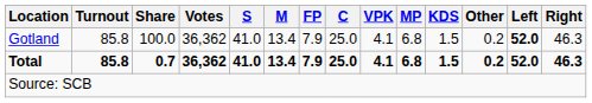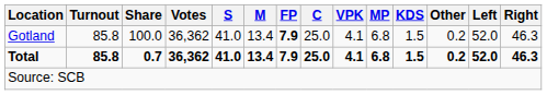 <table class="wikitable sortable" style=text-align:right>
 <tr>
 <th>Location</th>
 <th>Turnout</th>
 <th>Share</th>
 <th>Votes</th>
 <th><a href='#'>S</a></th>
 <th><a href='#'>M</a></th>
 <th><a href='#'>FP</a></th>
 <th><a href='#'>C</a></th>
 <th><a href='#'>VPK</a></th>
 <th><a href='#'>MP</a></th>
 <th><a href='#'>KDS</a></th>
 <th>Other</th>
 <th>Left</th>
 <th>Right</th>
 </tr>
 <tr>
 <td align=left><a href='#'>Gotland</a></td>
 <td>85.8</td>
 <td>100.0</td>
 <td>36,362</td>
 <td>41.0</td>
 <td>13.4</td>
-<td>7.9</td>
+<td><strong>7.9</strong></td>
 <td>25.0</td>
 <td>4.1</td>
 <td>6.8</td>
 <td>1.5</td>
 <td>0.2</td>
-<td><strong>52.0</strong></td>
+<td>52.0</td>
 <td>46.3</td>
 </tr>
 <tr>
 <td align=left><strong>Total</strong></td>
 <td><strong>85.8</strong></td>
 <td><strong>0.7</strong></td>
 <td><strong>36,362</strong></td>
 <td><strong>41.0</strong></td>
 <td><strong>13.4</strong></td>
 <td><strong>7.9</strong></td>
 <td><strong>25.0</strong></td>
 <td><strong>4.1</strong></td>
 <td><strong>6.8</strong></td>
 <td><strong>1.5</strong></td>
 <td><strong>0.2</strong></td>
 <td><strong>52.0</strong></td>
 <td><strong>46.3</strong></td>
 </tr>
 <tr>
 <td align=left colspan=14>Source: SCB </td>
 </tr>
 </table>
